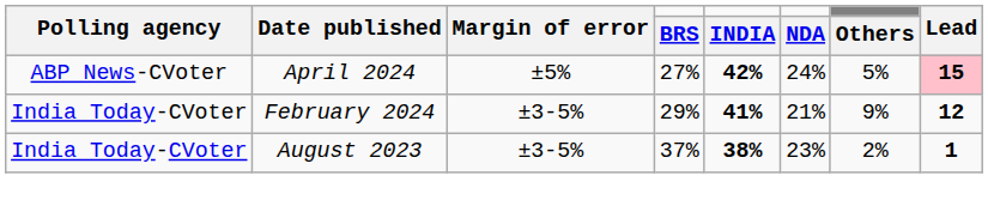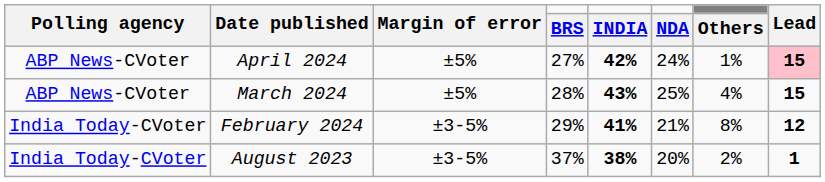 <table class="wikitable sortable" style="text-align:center;font-size:95%;line-height:16px">
 <tr>
 <th rowspan="2">Polling agency</th>
 <th rowspan="2">Date published</th>
 <th rowspan="2">Margin of error</th>
 <td></td>
 <td></td>
 <td></td>
 <td bgcolor="grey"></td>
 <th rowspan="2">Lead</th>
 </tr>
 <tr>
 <th><a href='#'>BRS</a></th>
 <th><a href='#'>INDIA</a></th>
 <th><a href='#'>NDA</a></th>
 <th>Others</th>
 </tr>
 <tr>
 <td><a href='#'>ABP News</a>-CVoter</td>
 <td><em>April 2024</em></td>
 <td>±5%</td>
 <td>27%</td>
 <td><strong>42%</strong></td>
 <td>24%</td>
-<td>5%</td>
+<td>1%</td>
 <td style="background: pink;"><strong>15</strong></td>
+</tr>
+<tr>
+<td><a href='#'>ABP News</a>-CVoter</td>
+<td><em>March 2024</em></td>
+<td>±5%</td>
+<td>28%</td>
+<td><strong>43%</strong></td>
+<td>25%</td>
+<td>4%</td>
+<td><strong>15</strong></td>
 </tr>
 <tr>
 <td><a href='#'>India Today</a>-CVoter</td>
 <td><em>February 2024</em></td>
 <td>±3-5%</td>
 <td>29%</td>
 <td><strong>41%</strong></td>
 <td>21%</td>
-<td>9%</td>
+<td>8%</td>
 <td><strong>12</strong></td>
 </tr>
 <tr>
 <td><a href='#'>India Today</a>-<a href='#'>CVoter</a></td>
 <td><em>August 2023</em></td>
 <td>±3-5%</td>
 <td>37%</td>
 <td><strong>38%</strong></td>
-<td>23%</td>
+<td>20%</td>
 <td>2%</td>
 <td><strong>1</strong></td>
 </tr>
 </table>
